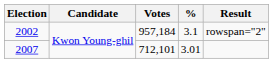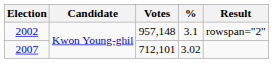 <table class="wikitable" style="text-align:center">
 <tr>
 <th>Election</th>
 <th>Candidate</th>
 <th>Votes</th>
 <th>%</th>
 <th>Result</th>
 </tr>
 <tr>
 <td><a href='#'>2002</a></td>
 <td rowspan="2"><a href='#'>Kwon Young-ghil</a></td>
-<td>957,184</td>
+<td>957,148</td>
 <td>3.1</td>
 <td>rowspan="2" </td>
 </tr>
 <tr>
 <td><a href='#'>2007</a></td>
 <td>712,101</td>
-<td>3.01</td>
+<td>3.02</td>
 </tr>
 </table>
